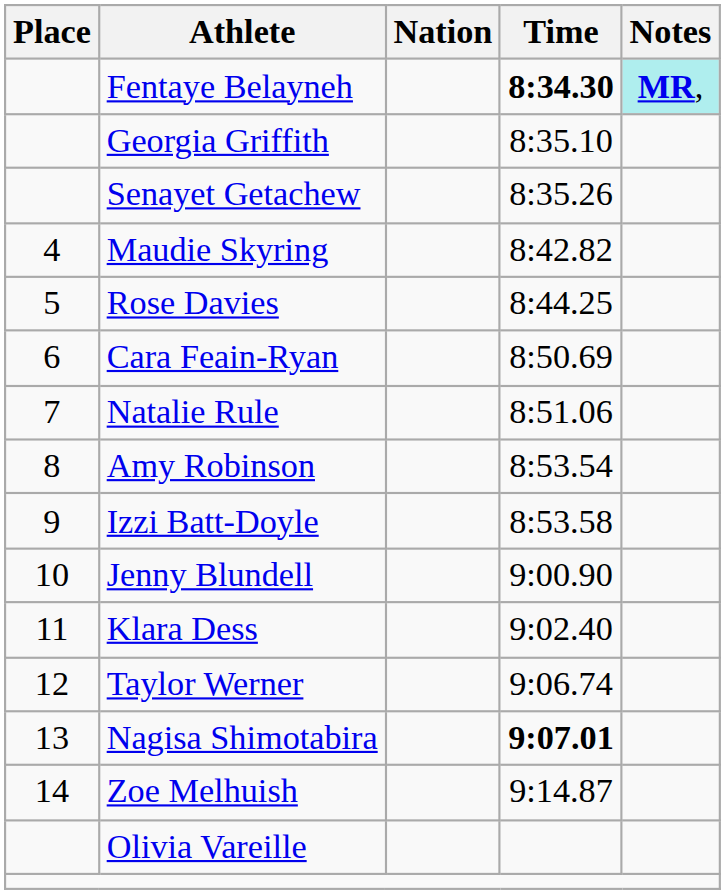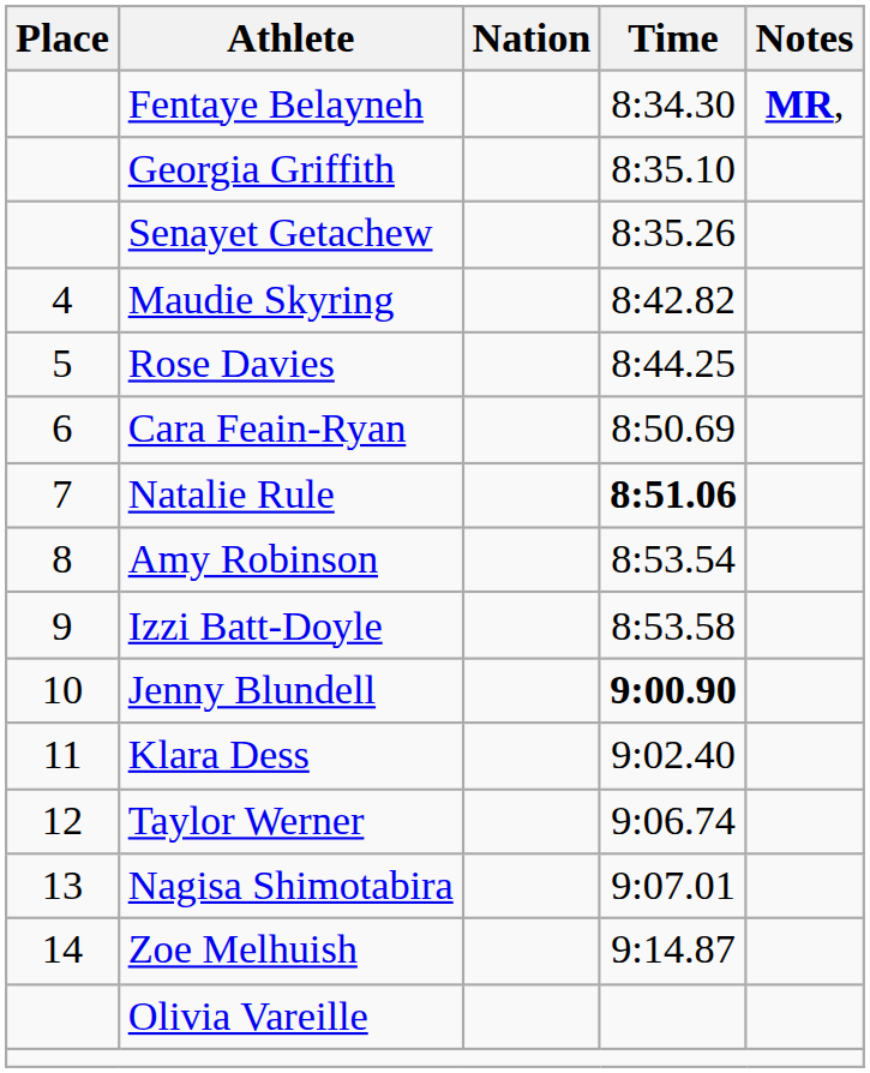 <table class="wikitable mw-datatable sortable" style="text-align:center;">
 <tr>
 <th scope="col">Place</th>
 <th scope="col">Athlete</th>
 <th scope="col">Nation</th>
 <th scope="col">Time</th>
 <th scope="col">Notes</th>
 </tr>
 <tr>
 <td></td>
 <td align="left"><a href='#'>Fentaye Belayneh</a></td>
 <td align="left"></td>
-<td><strong>8:34.30</strong></td>
-<td style="background: paleturquoise;"><strong><a href='#'>MR</a></strong>, </td>
+<td>8:34.30</td>
+<td><strong><a href='#'>MR</a></strong>, </td>
 </tr>
 <tr>
 <td></td>
 <td align="left"><a href='#'>Georgia Griffith</a></td>
 <td align="left"></td>
 <td>8:35.10</td>
 <td></td>
 </tr>
 <tr>
 <td></td>
 <td align="left"><a href='#'>Senayet Getachew</a></td>
 <td align="left"></td>
 <td>8:35.26</td>
 <td></td>
 </tr>
 <tr>
 <td>4</td>
 <td align="left"><a href='#'>Maudie Skyring</a></td>
 <td align="left"></td>
 <td>8:42.82</td>
 <td></td>
 </tr>
 <tr>
 <td>5</td>
 <td align="left"><a href='#'>Rose Davies</a></td>
 <td align="left"></td>
 <td>8:44.25</td>
 <td></td>
 </tr>
 <tr>
 <td>6</td>
 <td align="left"><a href='#'>Cara Feain-Ryan</a></td>
 <td align="left"></td>
 <td>8:50.69</td>
 <td></td>
 </tr>
 <tr>
 <td>7</td>
 <td align="left"><a href='#'>Natalie Rule</a></td>
 <td align="left"></td>
-<td>8:51.06</td>
+<td><strong>8:51.06</strong></td>
 <td></td>
 </tr>
 <tr>
 <td>8</td>
 <td align="left"><a href='#'>Amy Robinson</a></td>
 <td align="left"></td>
 <td>8:53.54</td>
 <td></td>
 </tr>
 <tr>
 <td>9</td>
 <td align="left"><a href='#'>Izzi Batt-Doyle</a></td>
 <td align="left"></td>
 <td>8:53.58</td>
 <td></td>
 </tr>
 <tr>
 <td>10</td>
 <td align="left"><a href='#'>Jenny Blundell</a></td>
 <td align="left"></td>
-<td>9:00.90</td>
+<td><strong>9:00.90</strong></td>
 <td></td>
 </tr>
 <tr>
 <td>11</td>
 <td align="left"><a href='#'>Klara Dess</a></td>
 <td align="left"></td>
 <td>9:02.40</td>
 <td></td>
 </tr>
 <tr>
 <td>12</td>
 <td align="left"><a href='#'>Taylor Werner</a></td>
 <td align="left"></td>
 <td>9:06.74</td>
 <td></td>
 </tr>
 <tr>
 <td>13</td>
 <td align="left"><a href='#'>Nagisa Shimotabira</a></td>
 <td align="left"></td>
-<td><strong>9:07.01</strong></td>
+<td>9:07.01</td>
 <td></td>
 </tr>
 <tr>
 <td>14</td>
 <td align="left"><a href='#'>Zoe Melhuish</a></td>
 <td align="left"></td>
 <td>9:14.87</td>
 <td></td>
 </tr>
 <tr>
 <td></td>
 <td align="left"><a href='#'>Olivia Vareille</a></td>
 <td align="left"></td>
 <td></td>
 <td></td>
 </tr>
 <tr class="sortbottom">
 <td colspan="5"></td>
 </tr>
 </table>
